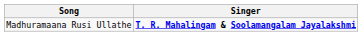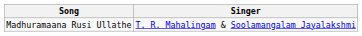 <table class="wikitable">
 <tr>
 <th>Song</th>
 <th>Singer</th>
 </tr>
 <tr>
 <td>Madhuramaana Rusi Ullathe</td>
-<td><strong><a href='#'>T. R. Mahalingam</a> & <a href='#'>Soolamangalam Jayalakshmi</a></strong></td>
+<td><a href='#'>T. R. Mahalingam</a> & <a href='#'>Soolamangalam Jayalakshmi</a></td>
 </tr>
 </table>
